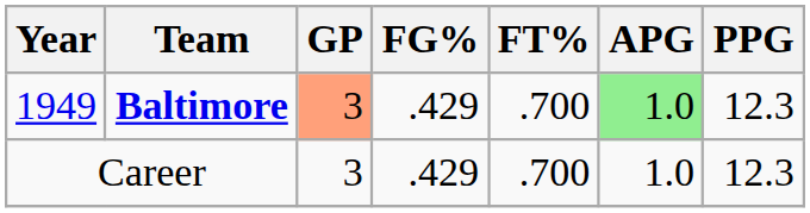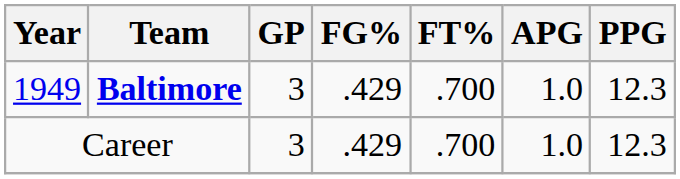 <table class="wikitable sortable" style="font-size:95%; text-align:right;">
 <tr>
 <th>Year</th>
 <th>Team</th>
 <th>GP</th>
 <th>FG%</th>
 <th>FT%</th>
 <th>APG</th>
 <th>PPG</th>
 </tr>
 <tr>
 <td style="text-align:left;"><a href='#'>1949</a></td>
 <td style="text-align:left;"><strong><a href='#'>Baltimore</a></strong></td>
-<td style="background: lightsalmon;">3</td>
+<td>3</td>
 <td>.429</td>
 <td>.700</td>
-<td style="background: lightgreen;">1.0</td>
+<td>1.0</td>
 <td>12.3</td>
 </tr>
 <tr>
 <td style="text-align:center;" colspan="2">Career</td>
 <td>3</td>
 <td>.429</td>
 <td>.700</td>
 <td>1.0</td>
 <td>12.3</td>
 </tr>
 <tr>
 </tr>
 </table>
